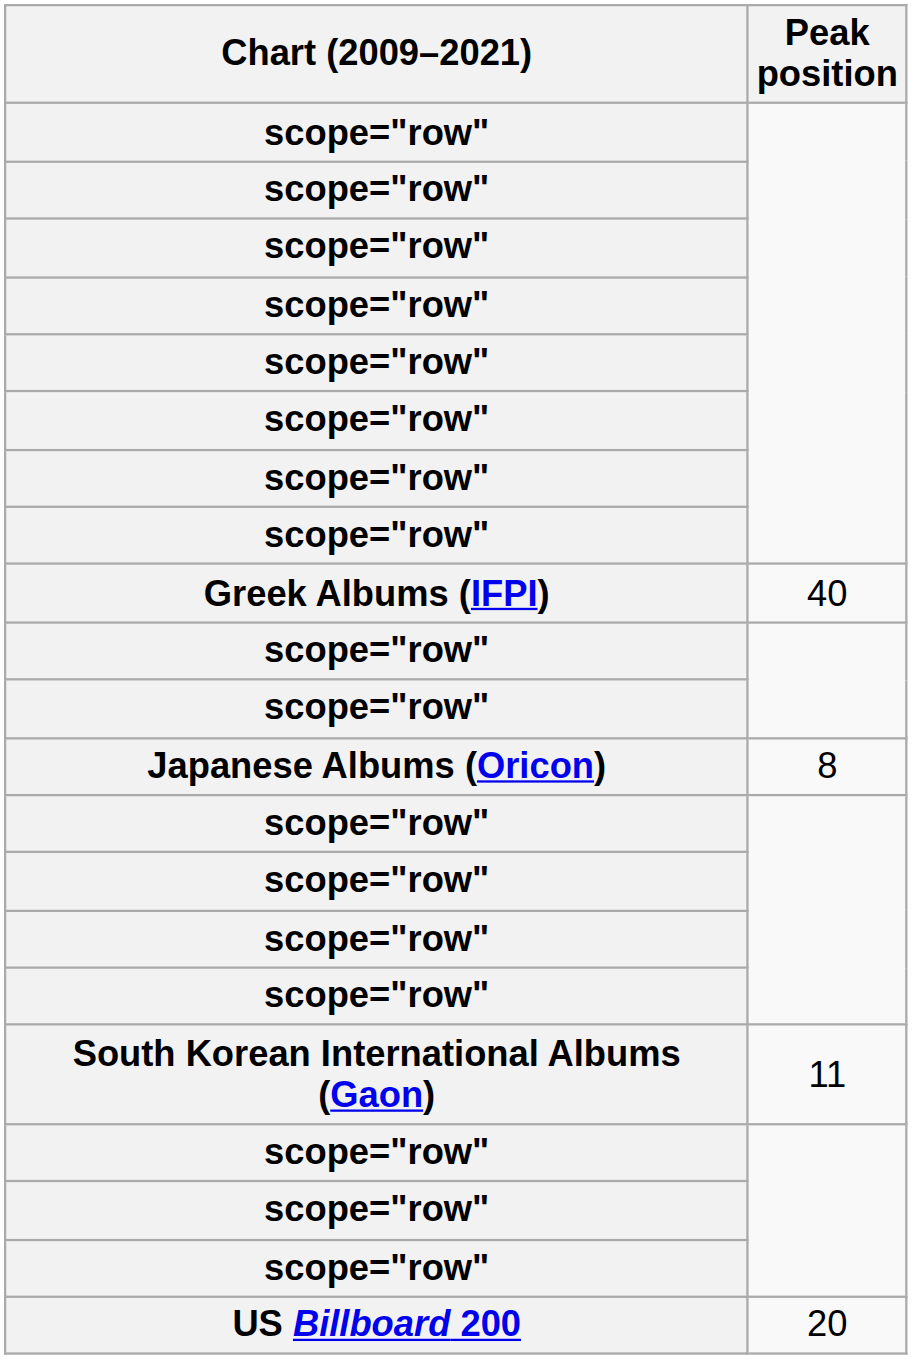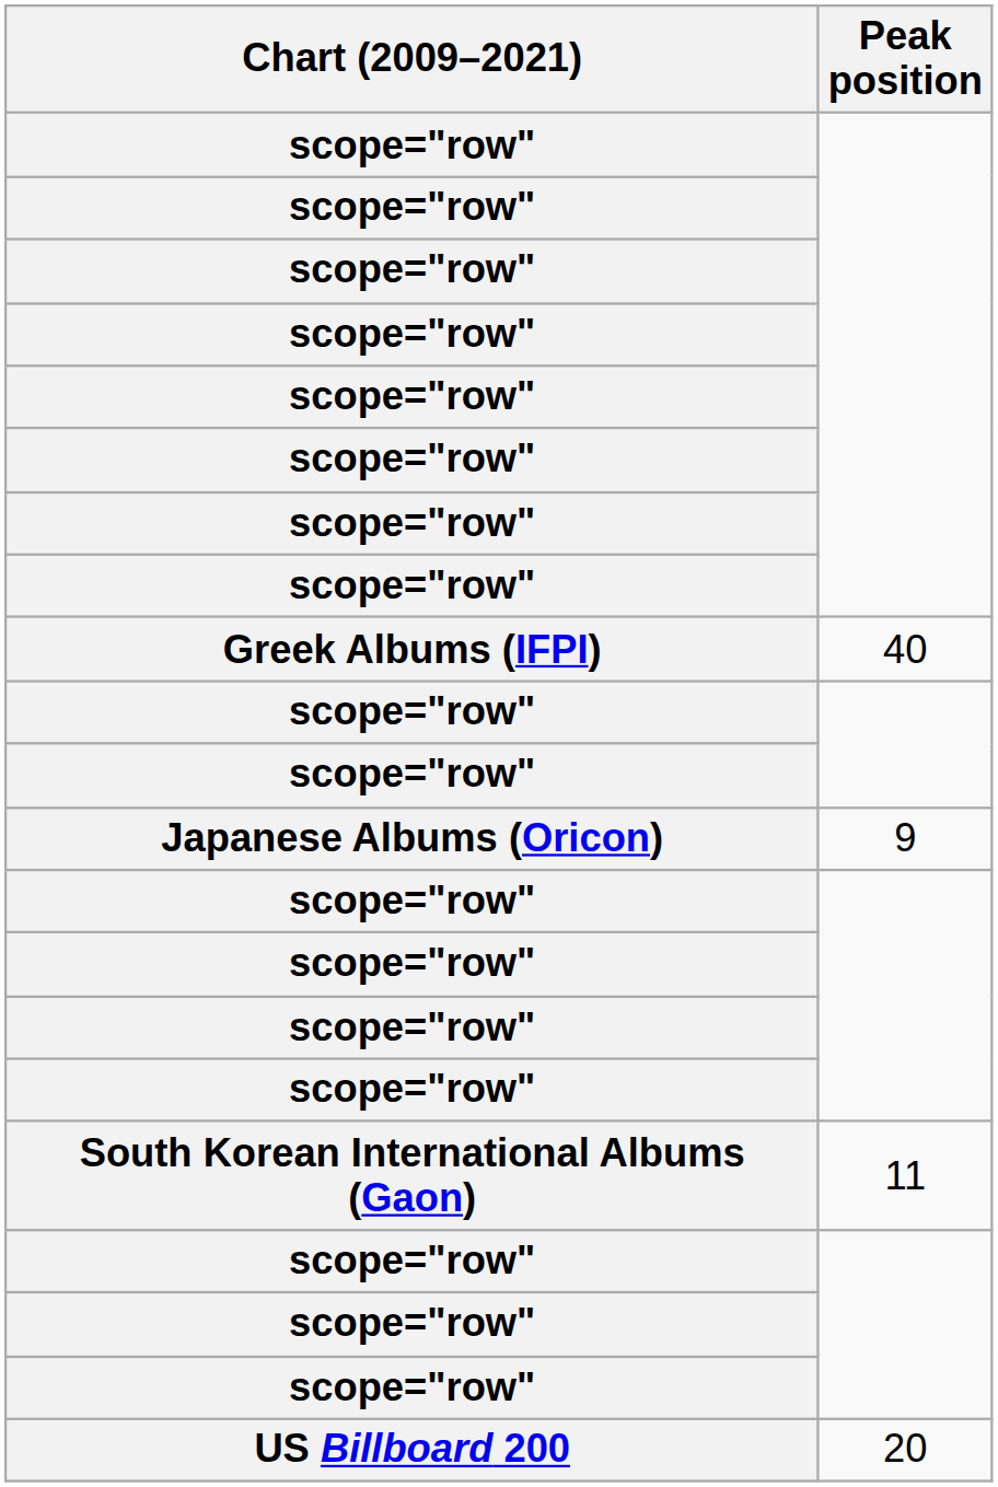 <table class="wikitable plainrowheaders sortable" style="text-align:center;">
 <tr>
 <th scope="col" style="width:20em;">Chart (2009–2021)</th>
 <th scope="col">Peak<br>position</th>
 </tr>
 <tr>
 <th>scope="row" </th>
 </tr>
 <tr>
 <th>scope="row" </th>
 </tr>
 <tr>
 <th>scope="row" </th>
 </tr>
 <tr>
 <th>scope="row" </th>
 </tr>
 <tr>
 <th>scope="row" </th>
 </tr>
 <tr>
 <th>scope="row" </th>
 </tr>
 <tr>
 <th>scope="row" </th>
 </tr>
 <tr>
 <th>scope="row" </th>
 </tr>
 <tr>
 <th scope="row">Greek Albums (<a href='#'>IFPI</a>)</th>
 <td>40</td>
 </tr>
 <tr>
 <th>scope="row" </th>
 </tr>
 <tr>
 <th>scope="row" </th>
 </tr>
 <tr>
 <th scope="row">Japanese Albums (<a href='#'>Oricon</a>)</th>
-<td>8</td>
+<td>9</td>
 </tr>
 <tr>
 <th>scope="row" </th>
 </tr>
 <tr>
 <th>scope="row"</th>
 </tr>
 <tr>
 <th>scope="row" </th>
 </tr>
 <tr>
 <th>scope="row" </th>
 </tr>
 <tr>
 <th scope="row">South Korean International Albums (<a href='#'>Gaon</a>)</th>
 <td>11</td>
 </tr>
 <tr>
 <th>scope="row" </th>
 </tr>
 <tr>
 <th>scope="row" </th>
 </tr>
 <tr>
 <th>scope="row" </th>
 </tr>
 <tr>
 <th scope="row">US <a href='#'><em>Billboard</em> 200</a></th>
 <td>20</td>
 </tr>
 </table>
